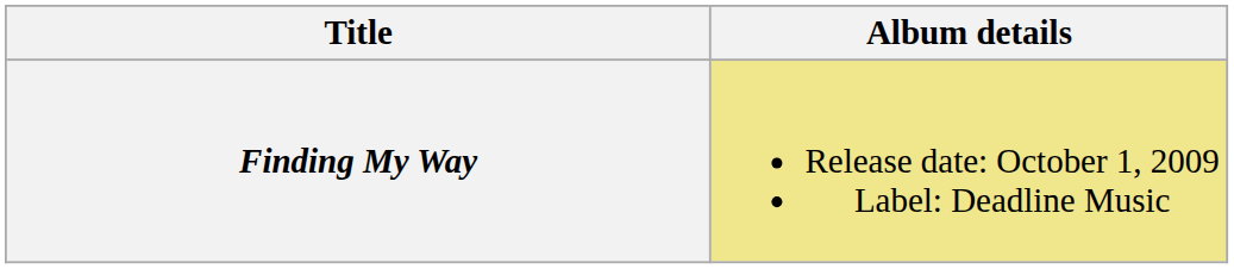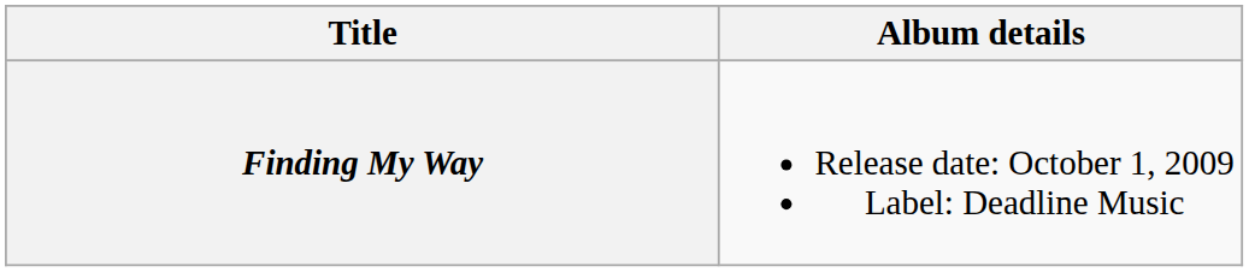 <table class="wikitable plainrowheaders" style="text-align:center;">
 <tr>
 <th scope="col" style="width:20em;">Title</th>
 <th scope="col">Album details</th>
 </tr>
 <tr>
 <th scope="row"><em>Finding My Way</em></th>
-<td style="background: khaki;"><br><ul><li>Release date: October 1, 2009</li><li>Label: Deadline Music</li></ul></td>
+<td><br><ul><li>Release date: October 1, 2009</li><li>Label: Deadline Music</li></ul></td>
 </tr>
 </table>
